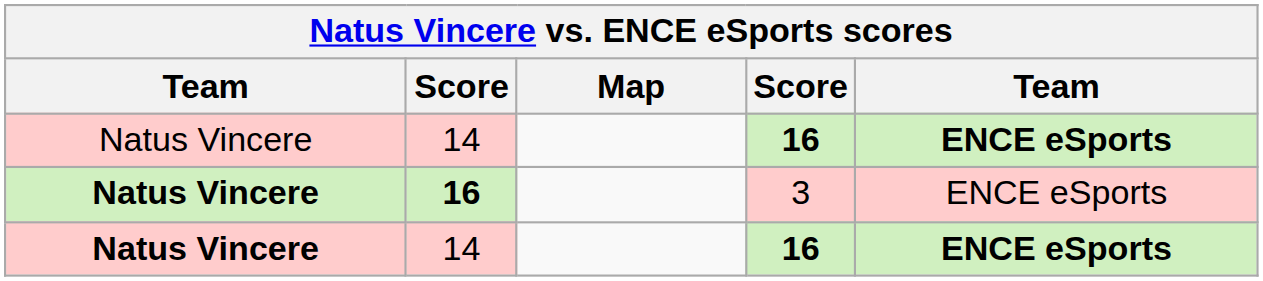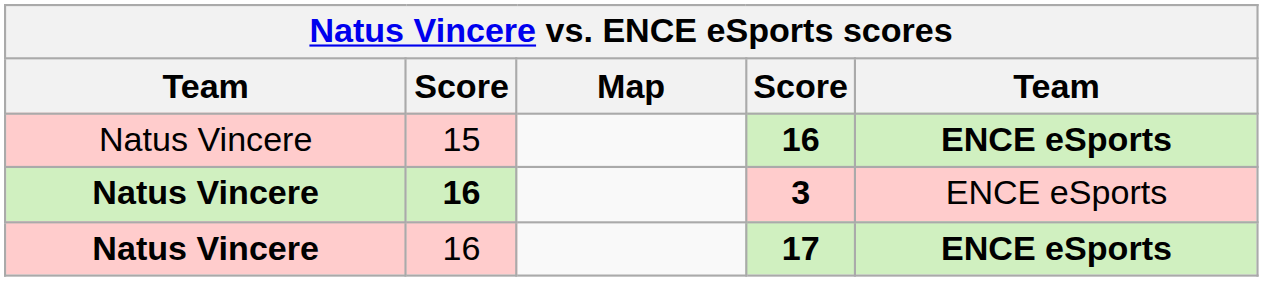 <table class="wikitable" style="text-align: center;">
 <tr>
 <th colspan=5><a href='#'>Natus Vincere</a> vs.  ENCE eSports scores</th>
 </tr>
 <tr>
 <th width="181px">Team</th>
 <th width="20px">Score</th>
 <th width="100px">Map</th>
 <th width="20px">Score</th>
 <th width="181px">Team</th>
 </tr>
 <tr>
 <td style="background: #FFCCCC;">Natus Vincere</td>
-<td style="background: #FFCCCC;">14</td>
+<td style="background: #FFCCCC;">15</td>
 <td></td>
 <td style="background: #D0F0C0;"><strong>16</strong></td>
 <td style="background: #D0F0C0;"><strong>ENCE eSports</strong></td>
 </tr>
 <tr>
 <td style="background: #D0F0C0;"><strong>Natus Vincere</strong></td>
 <td style="background: #D0F0C0;"><strong>16</strong></td>
 <td></td>
-<td style="background: #FFCCCC;">3</td>
+<td style="background: #FFCCCC;"><strong>3</strong></td>
 <td style="background: #FFCCCC;">ENCE eSports</td>
 </tr>
 <tr>
 <td style="background: #FFCCCC;"><strong>Natus Vincere</strong></td>
-<td style="background: #FFCCCC;">14</td>
+<td style="background: #FFCCCC;">16</td>
 <td></td>
-<td style="background: #D0F0C0;"><strong>16</strong></td>
+<td style="background: #D0F0C0;"><strong>17</strong></td>
 <td style="background: #D0F0C0;"><strong>ENCE eSports</strong></td>
 </tr>
 </table>
